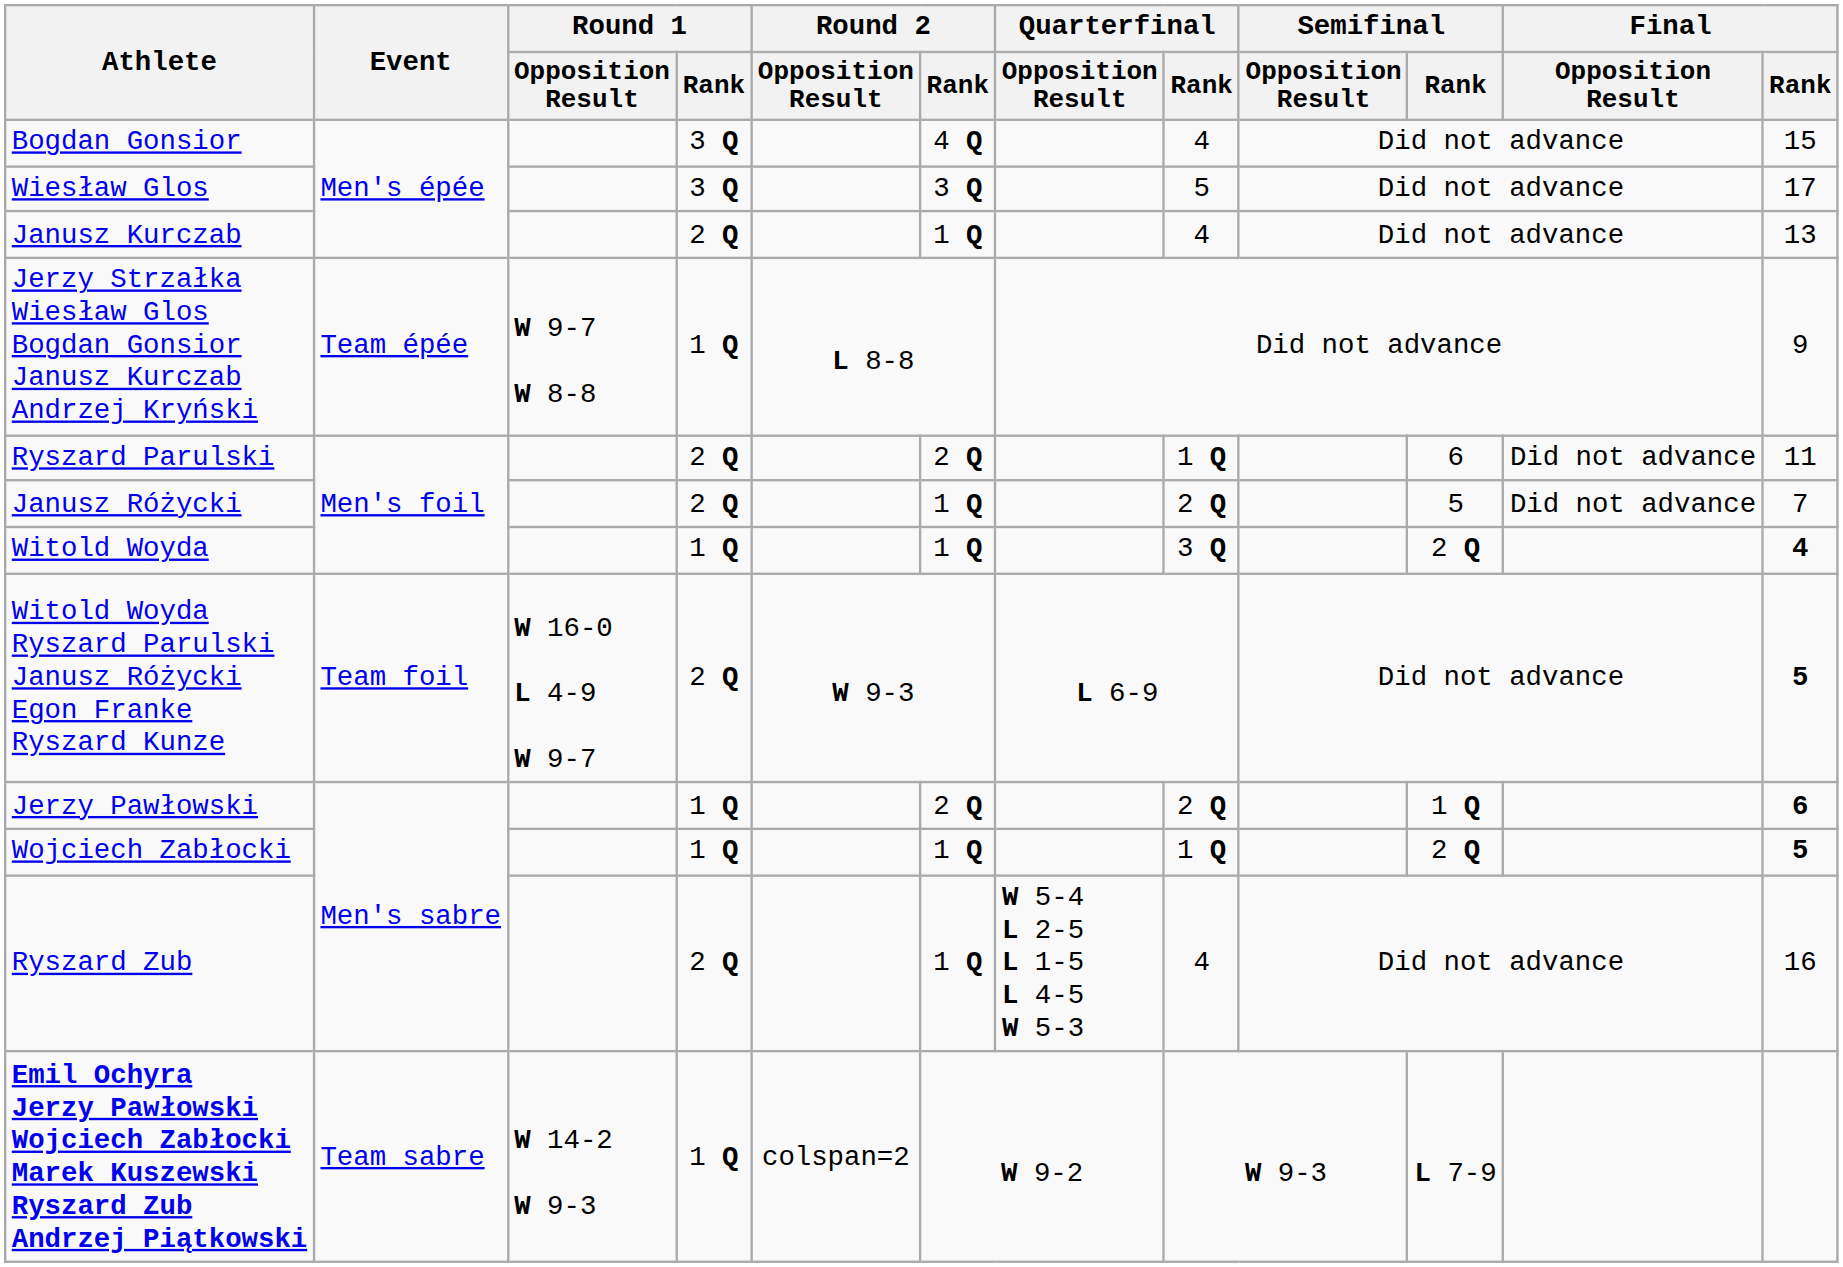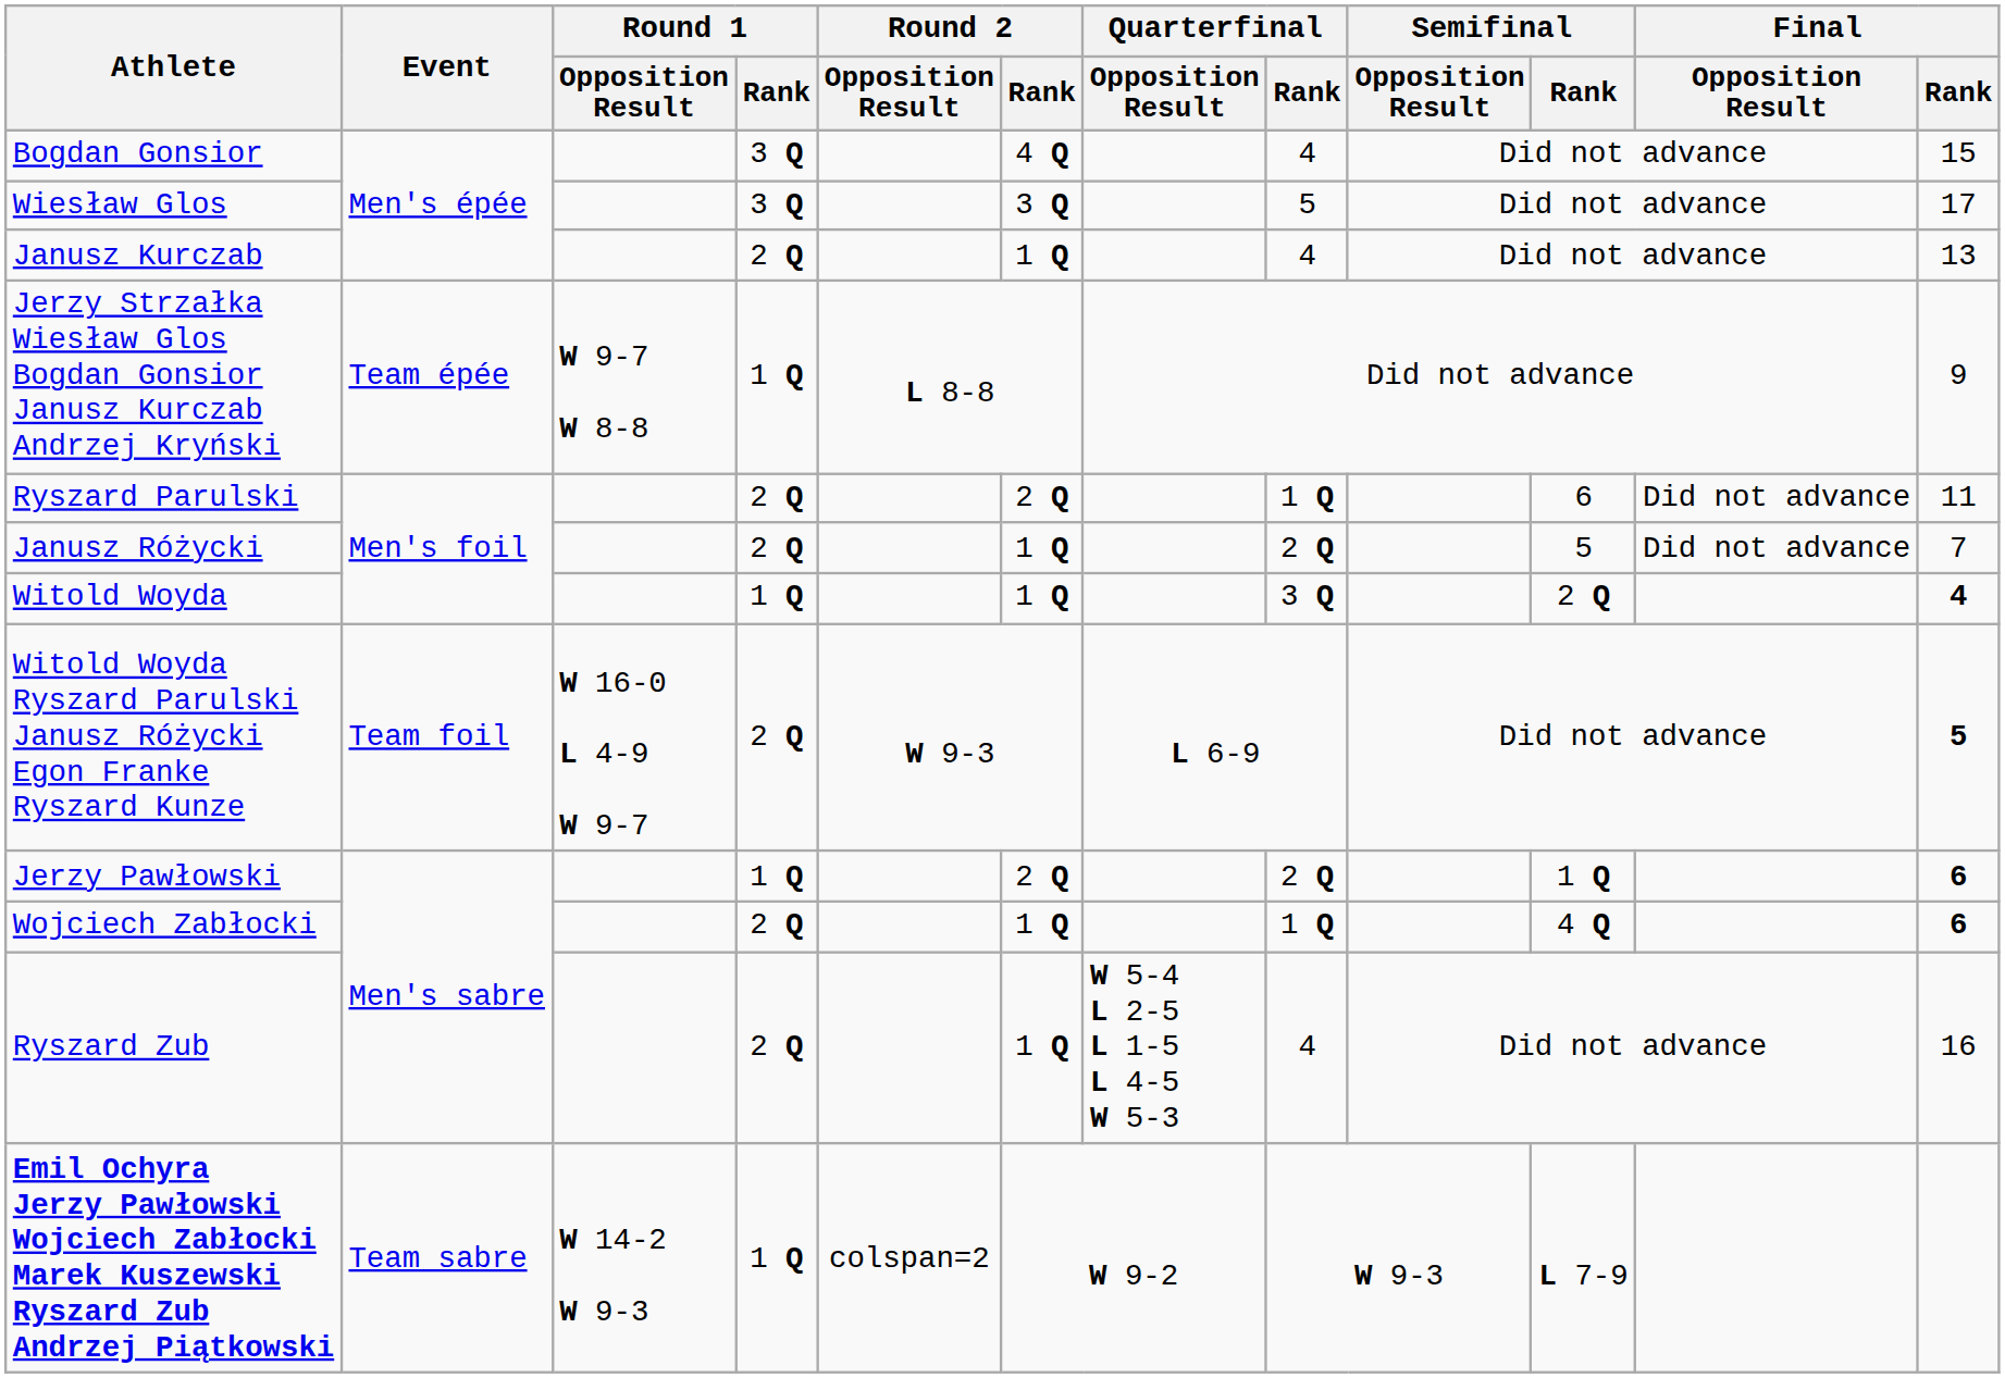 <table class="wikitable" style="font-size:90%;">
 <tr>
 <th rowspan="2">Athlete</th>
 <th rowspan="2">Event</th>
 <th colspan="2">Round 1</th>
 <th colspan="2">Round 2</th>
 <th colspan="2">Quarterfinal</th>
 <th colspan="2">Semifinal</th>
 <th colspan=2>Final</th>
 </tr>
 <tr style="font-size:95%">
 <th>Opposition<br>Result</th>
 <th>Rank</th>
 <th>Opposition<br>Result</th>
 <th>Rank</th>
 <th>Opposition<br>Result</th>
 <th>Rank</th>
 <th>Opposition<br>Result</th>
 <th>Rank</th>
 <th>Opposition<br>Result</th>
 <th>Rank</th>
 </tr>
 <tr align=center>
 <td align=left><a href='#'>Bogdan Gonsior</a></td>
 <td align=left rowspan=3><a href='#'>Men's épée</a></td>
 <td></td>
 <td>3 <strong>Q</strong></td>
 <td></td>
 <td>4 <strong>Q</strong></td>
 <td></td>
 <td>4</td>
 <td colspan=3>Did not advance</td>
 <td>15</td>
 </tr>
 <tr align=center>
 <td align=left><a href='#'>Wiesław Glos</a></td>
 <td></td>
 <td>3 <strong>Q</strong></td>
 <td></td>
 <td>3 <strong>Q</strong></td>
 <td></td>
 <td>5</td>
 <td colspan=3>Did not advance</td>
 <td>17</td>
 </tr>
 <tr align=center>
 <td align=left><a href='#'>Janusz Kurczab</a></td>
 <td></td>
 <td>2 <strong>Q</strong></td>
 <td></td>
 <td>1 <strong>Q</strong></td>
 <td></td>
 <td>4</td>
 <td colspan=3>Did not advance</td>
 <td>13</td>
 </tr>
 <tr align=center>
 <td align=left><a href='#'>Jerzy Strzałka</a><br><a href='#'>Wiesław Glos</a><br><a href='#'>Bogdan Gonsior</a><br><a href='#'>Janusz Kurczab</a><br><a href='#'>Andrzej Kryński</a></td>
 <td align=left><a href='#'>Team épée</a></td>
 <td align=left><br> <strong>W</strong> 9-7<br><br> <strong>W</strong> 8-8</td>
 <td>1 <strong>Q</strong></td>
 <td colspan=2><br> <strong>L</strong> 8-8</td>
 <td colspan=5>Did not advance</td>
 <td>9</td>
 </tr>
 <tr align=center>
 <td align=left><a href='#'>Ryszard Parulski</a></td>
 <td align=left rowspan=3><a href='#'>Men's foil</a></td>
 <td></td>
 <td>2 <strong>Q</strong></td>
 <td></td>
 <td>2 <strong>Q</strong></td>
 <td></td>
 <td>1 <strong>Q</strong></td>
 <td></td>
 <td>6</td>
 <td colspan=1>Did not advance</td>
 <td>11</td>
 </tr>
 <tr align=center>
 <td align=left><a href='#'>Janusz Różycki</a></td>
 <td></td>
 <td>2 <strong>Q</strong></td>
 <td></td>
 <td>1 <strong>Q</strong></td>
 <td></td>
 <td>2 <strong>Q</strong></td>
 <td></td>
 <td>5</td>
 <td colspan=1>Did not advance</td>
 <td>7</td>
 </tr>
 <tr align=center>
 <td align=left><a href='#'>Witold Woyda</a></td>
 <td></td>
 <td>1 <strong>Q</strong></td>
 <td></td>
 <td>1 <strong>Q</strong></td>
 <td></td>
 <td>3 <strong>Q</strong></td>
 <td></td>
 <td>2 <strong>Q</strong></td>
 <td></td>
 <td><strong>4</strong></td>
 </tr>
 <tr align=center>
 <td align=left><a href='#'>Witold Woyda</a><br><a href='#'>Ryszard Parulski</a><br><a href='#'>Janusz Różycki</a><br><a href='#'>Egon Franke</a><br><a href='#'>Ryszard Kunze</a></td>
 <td align=left><a href='#'>Team foil</a></td>
 <td align=left><br> <strong>W</strong> 16-0<br><br> <strong>L</strong> 4-9<br><br> <strong>W</strong> 9-7</td>
 <td>2 <strong>Q</strong></td>
 <td colspan=2><br> <strong>W</strong> 9-3</td>
 <td colspan=2><br> <strong>L</strong> 6-9</td>
 <td colspan=3>Did not advance</td>
 <td><strong>5</strong></td>
 </tr>
 <tr align=center>
 <td align=left><a href='#'>Jerzy Pawłowski</a></td>
 <td align=left rowspan=3><a href='#'>Men's sabre</a></td>
 <td></td>
 <td>1 <strong>Q</strong></td>
 <td></td>
 <td>2 <strong>Q</strong></td>
 <td></td>
 <td>2 <strong>Q</strong></td>
 <td></td>
 <td>1 <strong>Q</strong></td>
 <td></td>
 <td><strong>6</strong></td>
 </tr>
 <tr align=center>
 <td align=left><a href='#'>Wojciech Zabłocki</a></td>
 <td></td>
-<td>1 <strong>Q</strong></td>
+<td>2 <strong>Q</strong></td>
 <td></td>
 <td>1 <strong>Q</strong></td>
 <td></td>
 <td>1 <strong>Q</strong></td>
 <td></td>
-<td>2 <strong>Q</strong></td>
+<td>4 <strong>Q</strong></td>
 <td></td>
-<td><strong>5</strong></td>
+<td><strong>6</strong></td>
 </tr>
 <tr align=center>
 <td align=left><a href='#'>Ryszard Zub</a></td>
 <td></td>
 <td>2 <strong>Q</strong></td>
 <td></td>
 <td>1 <strong>Q</strong></td>
 <td align=left> <strong>W</strong> 5-4<br> <strong>L</strong> 2-5<br> <strong>L</strong> 1-5<br> <strong>L</strong> 4-5<br> <strong>W</strong> 5-3</td>
 <td>4</td>
 <td colspan=3>Did not advance</td>
 <td>16</td>
 </tr>
 <tr align=center>
 <td align=left><strong><a href='#'>Emil Ochyra</a><br><a href='#'>Jerzy Pawłowski</a><br><a href='#'>Wojciech Zabłocki</a><br><a href='#'>Marek Kuszewski</a><br><a href='#'>Ryszard Zub</a><br><a href='#'>Andrzej Piątkowski</a></strong></td>
 <td align=left><a href='#'>Team sabre</a></td>
 <td align=left><br> <strong>W</strong> 14-2<br><br> <strong>W</strong> 9-3</td>
 <td>1 <strong>Q</strong></td>
 <td>colspan=2 </td>
 <td colspan=2><br> <strong>W</strong> 9-2</td>
 <td colspan=2><br> <strong>W</strong> 9-3</td>
 <td colspan=1><br> <strong>L</strong> 7-9</td>
 <td></td>
 </tr>
 </table>
